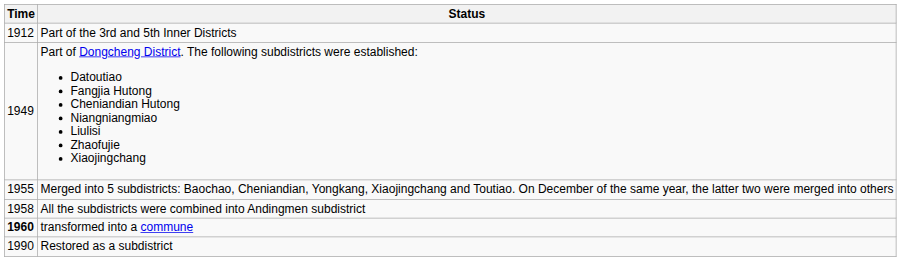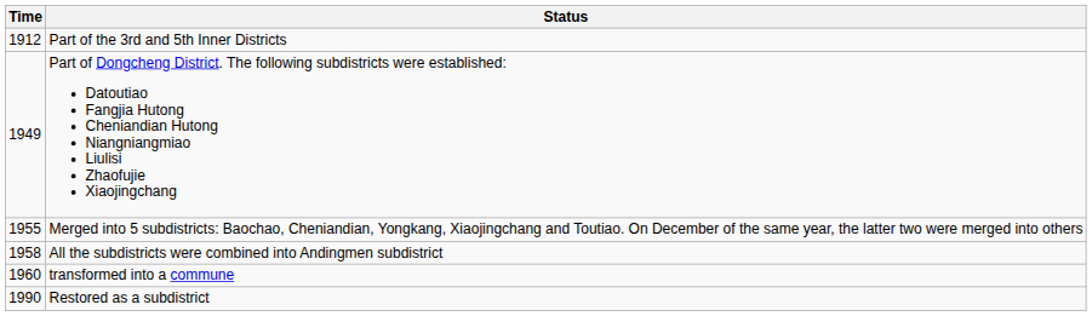 <table class="wikitable">
 <tr>
 <th>Time</th>
 <th>Status</th>
 </tr>
 <tr>
 <td>1912</td>
 <td>Part of  the 3rd and 5th Inner Districts</td>
 </tr>
 <tr>
 <td>1949</td>
 <td>Part of <a href='#'>Dongcheng District</a>. The following subdistricts were established:<br><ul><li>Datoutiao</li><li>Fangjia Hutong</li><li>Cheniandian Hutong</li><li>Niangniangmiao</li><li>Liulisi</li><li>Zhaofujie</li><li>Xiaojingchang</li></ul></td>
 </tr>
 <tr>
 <td>1955</td>
 <td>Merged into 5 subdistricts: Baochao, Cheniandian, Yongkang, Xiaojingchang and Toutiao. On December of the same year, the latter two were merged into others</td>
 </tr>
 <tr>
 <td>1958</td>
 <td>All the subdistricts were combined into Andingmen subdistrict</td>
 </tr>
 <tr>
-<td><strong>1960</strong></td>
+<td>1960</td>
 <td>transformed into a <a href='#'>commune</a></td>
 </tr>
 <tr>
 <td>1990</td>
 <td>Restored as a subdistrict</td>
 </tr>
 </table>
